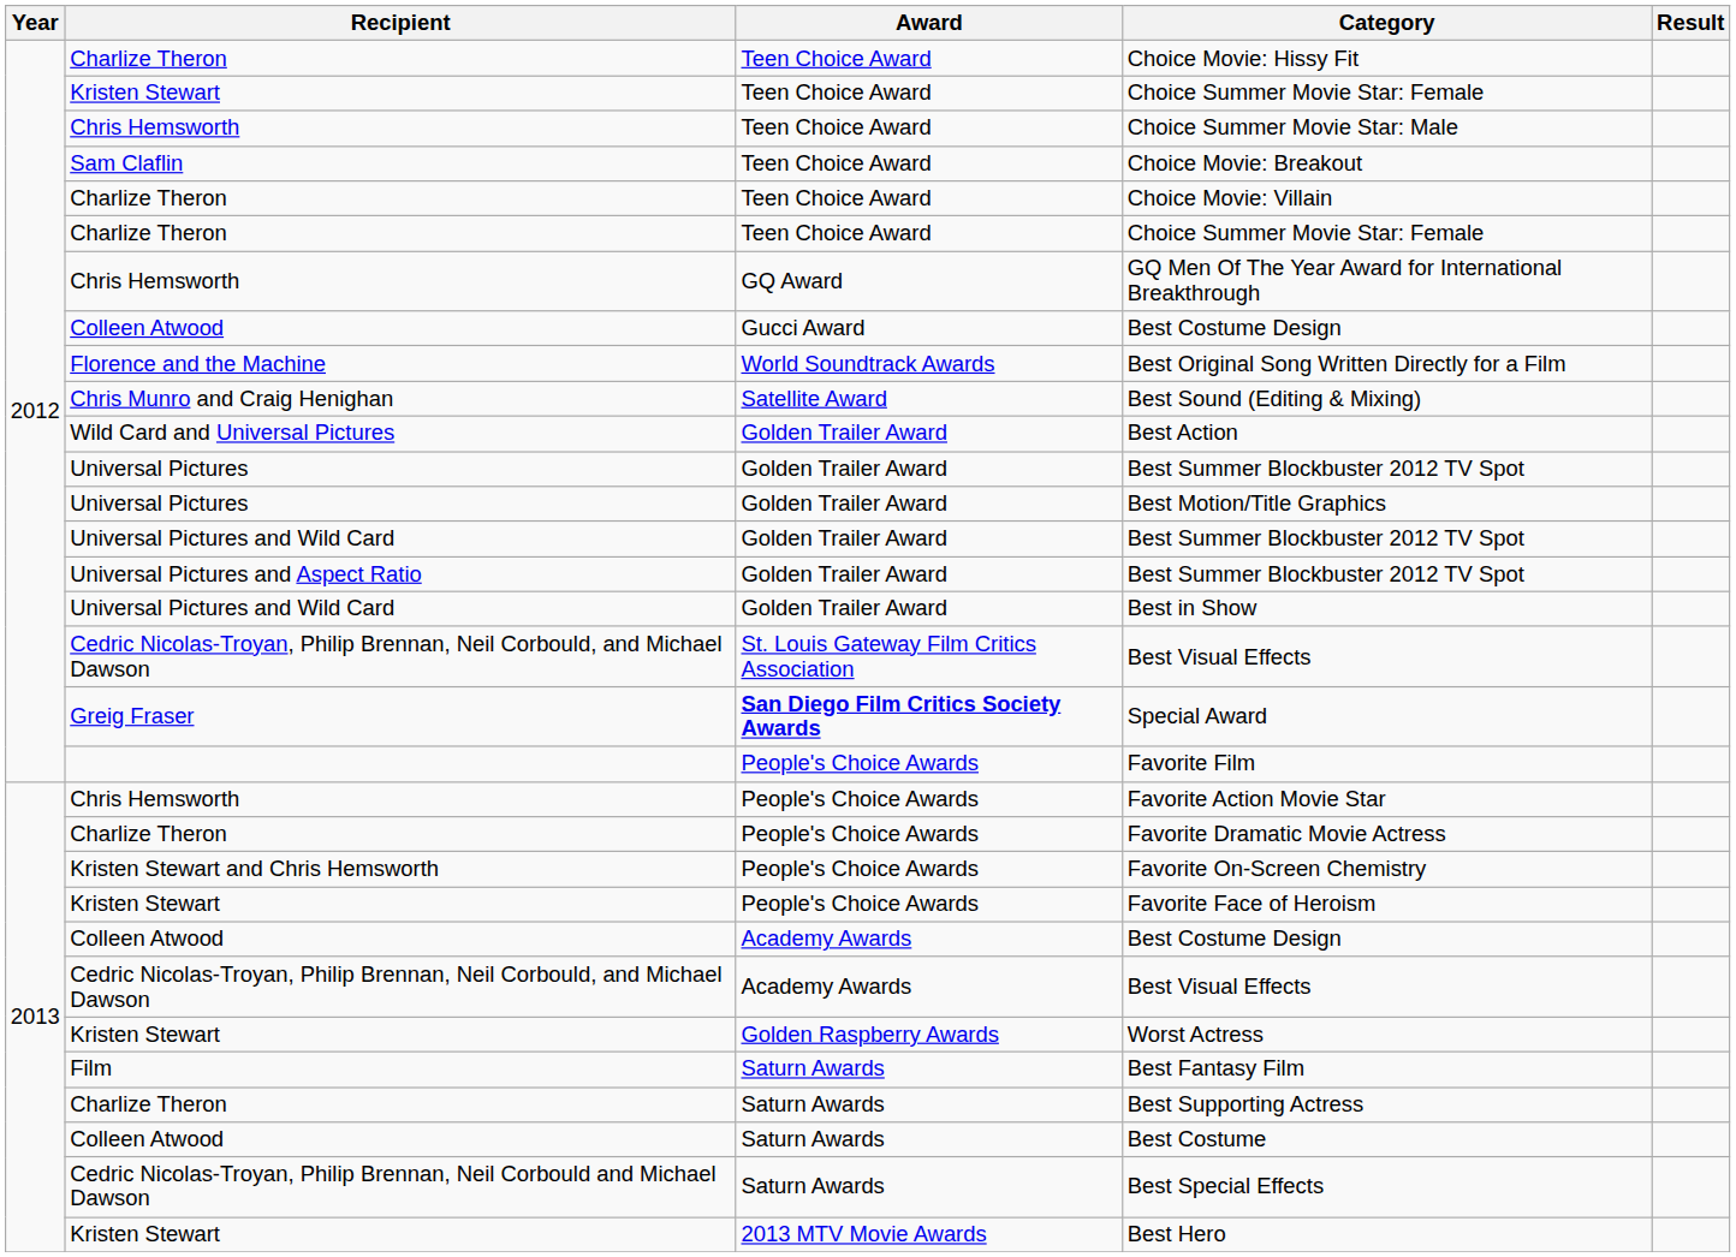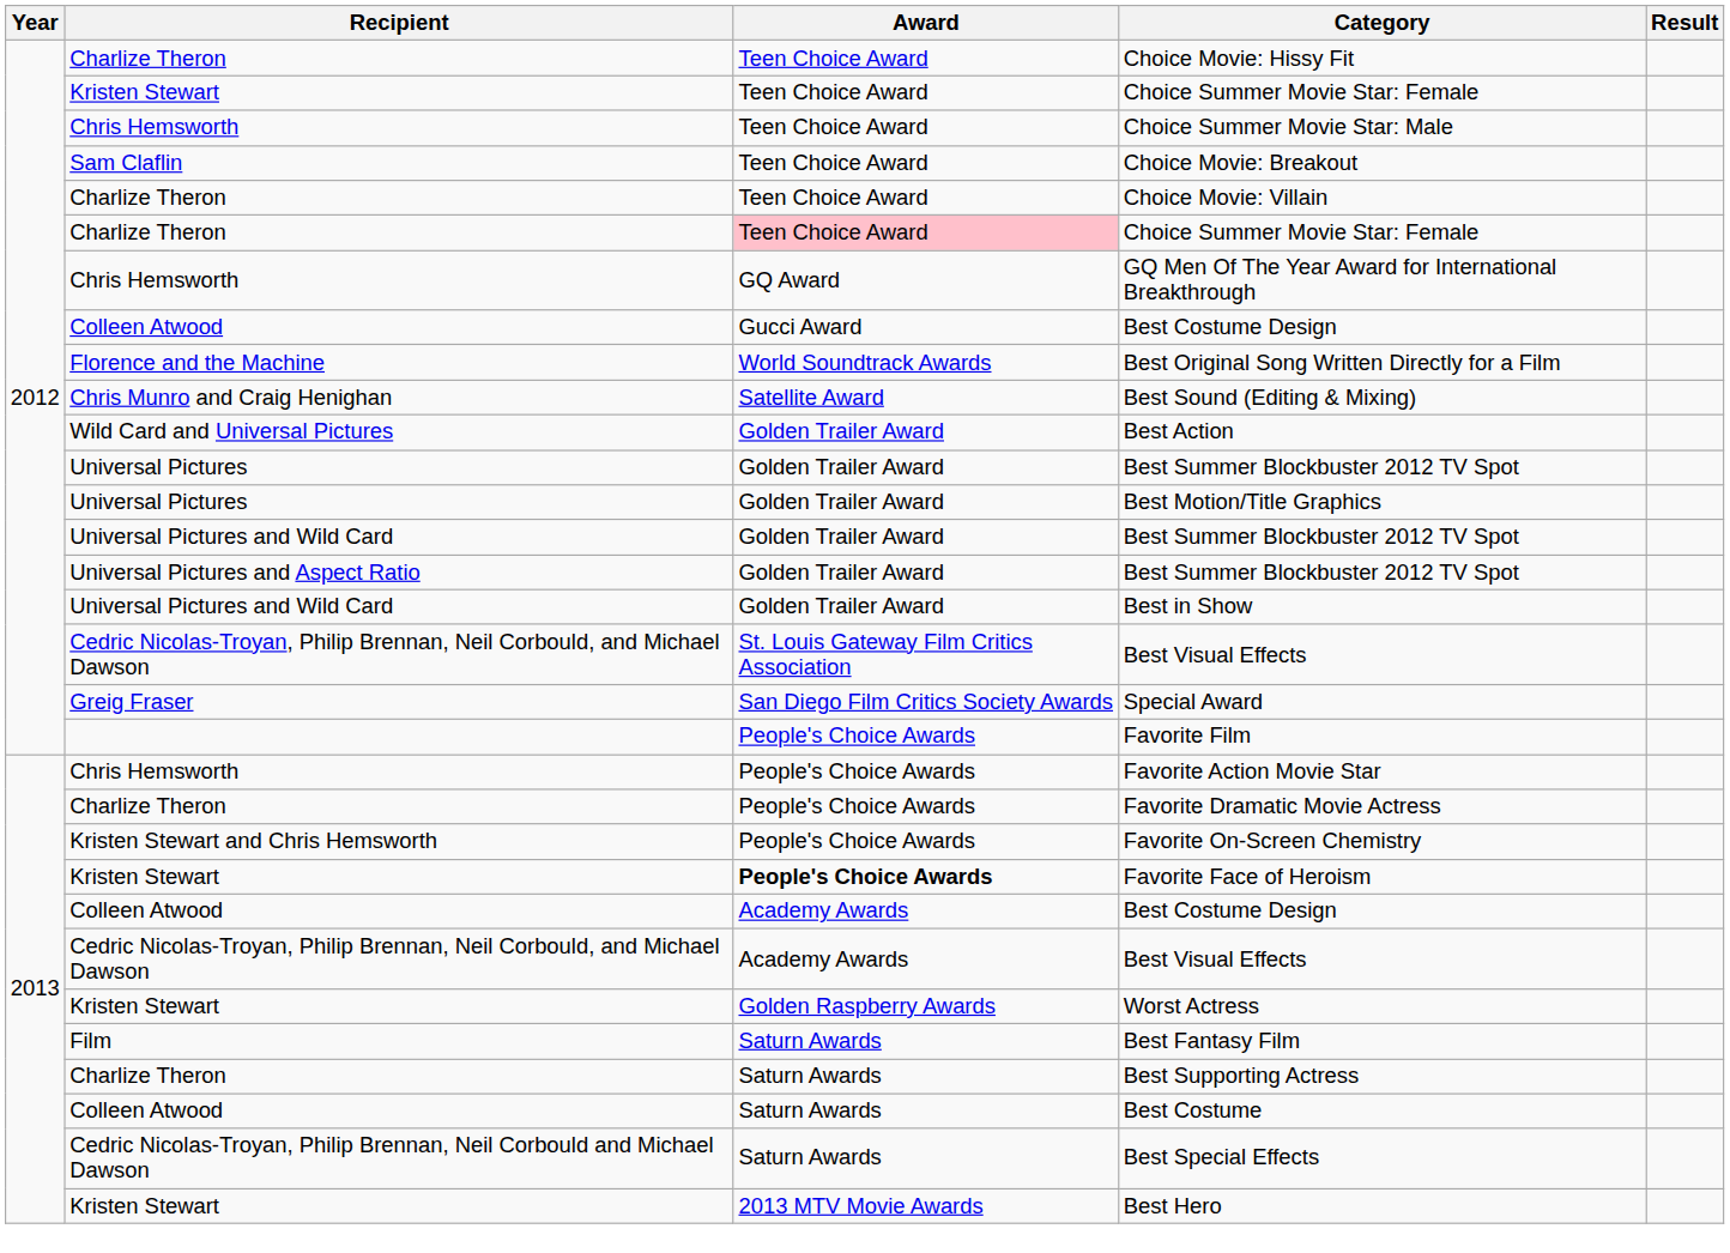 <table class="wikitable sortable">
 <tr>
 <th scope="col">Year</th>
 <th scope="col">Recipient</th>
 <th scope="col">Award</th>
 <th scope="col">Category</th>
 <th scope="col">Result</th>
 </tr>
 <tr>
 <td rowspan="19">2012</td>
 <td><a href='#'>Charlize Theron</a></td>
 <td><a href='#'>Teen Choice Award</a></td>
 <td>Choice Movie: Hissy Fit</td>
 <td></td>
 </tr>
 <tr>
 <td><a href='#'>Kristen Stewart</a></td>
 <td>Teen Choice Award</td>
 <td>Choice Summer Movie Star: Female</td>
 <td></td>
 </tr>
 <tr>
 <td><a href='#'>Chris Hemsworth</a></td>
 <td>Teen Choice Award</td>
 <td>Choice Summer Movie Star: Male </td>
 <td></td>
 </tr>
 <tr>
 <td><a href='#'>Sam Claflin</a></td>
 <td>Teen Choice Award</td>
 <td>Choice Movie: Breakout</td>
 <td></td>
 </tr>
 <tr>
 <td>Charlize Theron</td>
 <td>Teen Choice Award</td>
 <td>Choice Movie: Villain</td>
 <td></td>
 </tr>
 <tr>
 <td>Charlize Theron</td>
-<td>Teen Choice Award</td>
+<td style="background: pink;">Teen Choice Award</td>
 <td>Choice Summer Movie Star: Female </td>
 <td></td>
 </tr>
 <tr>
 <td>Chris Hemsworth</td>
 <td>GQ Award</td>
 <td>GQ Men Of The Year Award for International Breakthrough</td>
 <td></td>
 </tr>
 <tr>
 <td><a href='#'>Colleen Atwood</a></td>
 <td>Gucci Award</td>
 <td>Best Costume Design</td>
 <td></td>
 </tr>
 <tr>
 <td><a href='#'>Florence and the Machine</a></td>
 <td><a href='#'>World Soundtrack Awards</a></td>
 <td>Best Original Song Written Directly for a Film</td>
 <td></td>
 </tr>
 <tr>
 <td><a href='#'>Chris Munro</a> and Craig Henighan</td>
 <td><a href='#'>Satellite Award</a></td>
 <td>Best Sound (Editing & Mixing)</td>
 <td></td>
 </tr>
 <tr>
 <td>Wild Card and <a href='#'>Universal Pictures</a></td>
 <td><a href='#'>Golden Trailer Award</a></td>
 <td>Best Action </td>
 <td></td>
 </tr>
 <tr>
 <td>Universal Pictures</td>
 <td>Golden Trailer Award</td>
 <td>Best Summer Blockbuster 2012 TV Spot </td>
 <td></td>
 </tr>
 <tr>
 <td>Universal Pictures</td>
 <td>Golden Trailer Award</td>
 <td>Best Motion/Title Graphics </td>
 <td></td>
 </tr>
 <tr>
 <td>Universal Pictures and Wild Card</td>
 <td>Golden Trailer Award</td>
 <td>Best Summer Blockbuster 2012 TV Spot </td>
 <td></td>
 </tr>
 <tr>
 <td>Universal Pictures and <a href='#'>Aspect Ratio</a></td>
 <td>Golden Trailer Award</td>
 <td>Best Summer Blockbuster 2012 TV Spot </td>
 <td></td>
 </tr>
 <tr>
 <td>Universal Pictures and Wild Card</td>
 <td>Golden Trailer Award</td>
 <td>Best in Show </td>
 <td></td>
 </tr>
 <tr>
 <td><a href='#'>Cedric Nicolas-Troyan</a>, Philip Brennan, Neil Corbould, and Michael Dawson</td>
 <td><a href='#'>St. Louis Gateway Film Critics Association</a></td>
 <td>Best Visual Effects</td>
 <td></td>
 </tr>
 <tr>
 <td><a href='#'>Greig Fraser</a></td>
-<td><strong><a href='#'>San Diego Film Critics Society Awards</a></strong></td>
+<td><a href='#'>San Diego Film Critics Society Awards</a></td>
 <td>Special Award</td>
 <td></td>
 </tr>
 <tr>
 <td></td>
 <td><a href='#'>People's Choice Awards</a></td>
 <td>Favorite Film</td>
 <td></td>
 </tr>
 <tr>
 <td rowspan="12">2013</td>
 <td>Chris Hemsworth</td>
 <td>People's Choice Awards</td>
 <td>Favorite Action Movie Star </td>
 <td></td>
 </tr>
 <tr>
 <td>Charlize Theron</td>
 <td>People's Choice Awards</td>
 <td>Favorite Dramatic Movie Actress </td>
 <td></td>
 </tr>
 <tr>
 <td>Kristen Stewart and Chris Hemsworth</td>
 <td>People's Choice Awards</td>
 <td>Favorite On-Screen Chemistry</td>
 <td></td>
 </tr>
 <tr>
 <td>Kristen Stewart</td>
-<td>People's Choice Awards</td>
+<td><strong>People's Choice Awards</strong></td>
 <td>Favorite Face of Heroism</td>
 <td></td>
 </tr>
 <tr>
 <td>Colleen Atwood</td>
 <td><a href='#'>Academy Awards</a></td>
 <td>Best Costume Design</td>
 <td></td>
 </tr>
 <tr>
 <td>Cedric Nicolas-Troyan, Philip Brennan, Neil Corbould, and Michael Dawson</td>
 <td>Academy Awards</td>
 <td>Best Visual Effects</td>
 <td></td>
 </tr>
 <tr>
 <td>Kristen Stewart</td>
 <td><a href='#'>Golden Raspberry Awards</a></td>
 <td>Worst Actress </td>
 <td></td>
 </tr>
 <tr>
 <td>Film</td>
 <td><a href='#'>Saturn Awards</a></td>
 <td>Best Fantasy Film</td>
 <td></td>
 </tr>
 <tr>
 <td>Charlize Theron</td>
 <td>Saturn Awards</td>
 <td>Best Supporting Actress</td>
 <td></td>
 </tr>
 <tr>
 <td>Colleen Atwood</td>
 <td>Saturn Awards</td>
 <td>Best Costume</td>
 <td></td>
 </tr>
 <tr>
 <td>Cedric Nicolas-Troyan, Philip Brennan, Neil Corbould and Michael Dawson</td>
 <td>Saturn Awards</td>
 <td>Best Special Effects</td>
 <td></td>
 </tr>
 <tr>
 <td>Kristen Stewart</td>
 <td><a href='#'>2013 MTV Movie Awards</a></td>
 <td>Best Hero</td>
 <td></td>
 </tr>
 </table>
